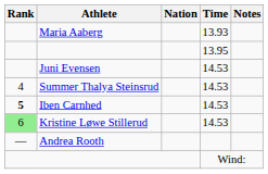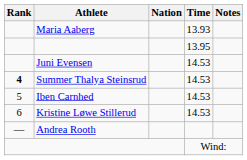 <table class="wikitable sortable" style="text-align:center;">
 <tr>
 <th scope="col" style="width: 10px;">Rank</th>
 <th scope="col">Athlete</th>
 <th scope="col">Nation</th>
 <th scope="col">Time</th>
 <th scope="col">Notes</th>
 </tr>
 <tr>
 <td></td>
 <td align=left><a href='#'>Maria Aaberg</a></td>
 <td align=left></td>
 <td>13.93</td>
 <td></td>
 </tr>
 <tr>
 <td></td>
 <td align=left></td>
 <td align=left></td>
 <td>13.95</td>
 <td></td>
 </tr>
 <tr>
 <td></td>
 <td align=left><a href='#'>Juni Evensen</a></td>
 <td align=left></td>
 <td>14.53</td>
 <td></td>
 </tr>
 <tr>
-<td>4</td>
+<td><strong>4</strong></td>
 <td align=left><a href='#'>Summer Thalya Steinsrud</a></td>
 <td align=left></td>
 <td>14.53</td>
 <td></td>
 </tr>
 <tr>
-<td><strong>5</strong></td>
+<td>5</td>
 <td align=left><a href='#'>Iben Carnhed</a></td>
 <td align=left></td>
 <td>14.53</td>
 <td></td>
 </tr>
 <tr>
-<td style="background: lightgreen;">6</td>
+<td>6</td>
 <td align=left><a href='#'>Kristine Løwe Stillerud</a></td>
 <td align=left></td>
 <td>14.53</td>
 <td></td>
 </tr>
 <tr>
 <td>—</td>
 <td align=left><a href='#'>Andrea Rooth</a></td>
 <td align=left></td>
 <td></td>
 <td></td>
 </tr>
 <tr class="sortbottom">
 <td colspan="3"></td>
 <td colspan="2">Wind: </td>
 </tr>
 </table>
